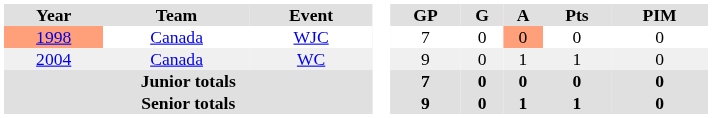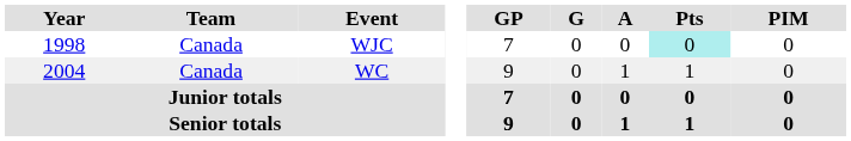 <table border="0" cellpadding="1" cellspacing="0" style="text-align:center; width:40em">
 <tr ALIGN="center" bgcolor="#e0e0e0">
 <th>Year</th>
 <th>Team</th>
 <th>Event</th>
 <th rowspan="99" bgcolor="#ffffff"> </th>
 <th>GP</th>
 <th>G</th>
 <th>A</th>
 <th>Pts</th>
 <th>PIM</th>
 </tr>
 <tr>
-<td style="background: lightsalmon;"><a href='#'>1998</a></td>
+<td><a href='#'>1998</a></td>
 <td><a href='#'>Canada</a></td>
 <td><a href='#'>WJC</a></td>
 <td>7</td>
 <td>0</td>
-<td style="background: lightsalmon;">0</td>
 <td>0</td>
+<td style="background: paleturquoise;">0</td>
 <td>0</td>
 </tr>
 <tr bgcolor="#f0f0f0">
 <td><a href='#'>2004</a></td>
 <td><a href='#'>Canada</a></td>
 <td><a href='#'>WC</a></td>
 <td>9</td>
 <td>0</td>
 <td>1</td>
 <td>1</td>
 <td>0</td>
 </tr>
 <tr bgcolor="#e0e0e0">
 <th colspan="3">Junior totals</th>
 <th>7</th>
 <th>0</th>
 <th>0</th>
 <th>0</th>
 <th>0</th>
 </tr>
 <tr bgcolor="#e0e0e0">
 <th colspan="3">Senior totals</th>
 <th>9</th>
 <th>0</th>
 <th>1</th>
 <th>1</th>
 <th>0</th>
 </tr>
 </table>
